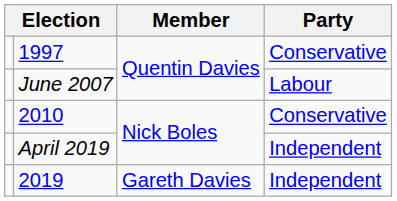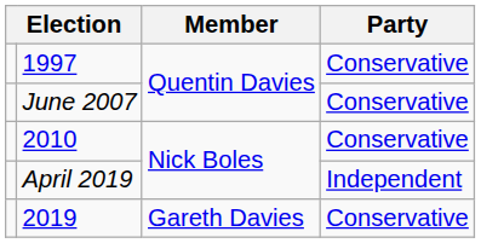 <table class="wikitable">
 <tr>
 <th colspan="2">Election</th>
 <th>Member</th>
 <th>Party</th>
 </tr>
 <tr>
 <td style="color:inherit;background-color: "></td>
 <td><a href='#'>1997</a></td>
 <td rowspan="2"><a href='#'>Quentin Davies</a></td>
 <td><a href='#'>Conservative</a></td>
 </tr>
 <tr>
 <td style="color:inherit;background-color: "></td>
 <td><em>June 2007</em></td>
-<td><a href='#'>Labour</a></td>
+<td><a href='#'>Conservative</a></td>
 </tr>
 <tr>
 <td style="color:inherit;background-color: "></td>
 <td><a href='#'>2010</a></td>
 <td rowspan="2"><a href='#'>Nick Boles</a></td>
 <td><a href='#'>Conservative</a></td>
 </tr>
 <tr>
 <td style="color:inherit;background-color: "></td>
 <td><em>April 2019</em></td>
 <td><a href='#'>Independent</a></td>
 </tr>
 <tr>
 <td style="color:inherit;background-color: "></td>
 <td><a href='#'>2019</a></td>
 <td rowspan="2"><a href='#'>Gareth Davies</a></td>
-<td><a href='#'>Independent</a></td>
+<td><a href='#'>Conservative</a></td>
 </tr>
 </table>
